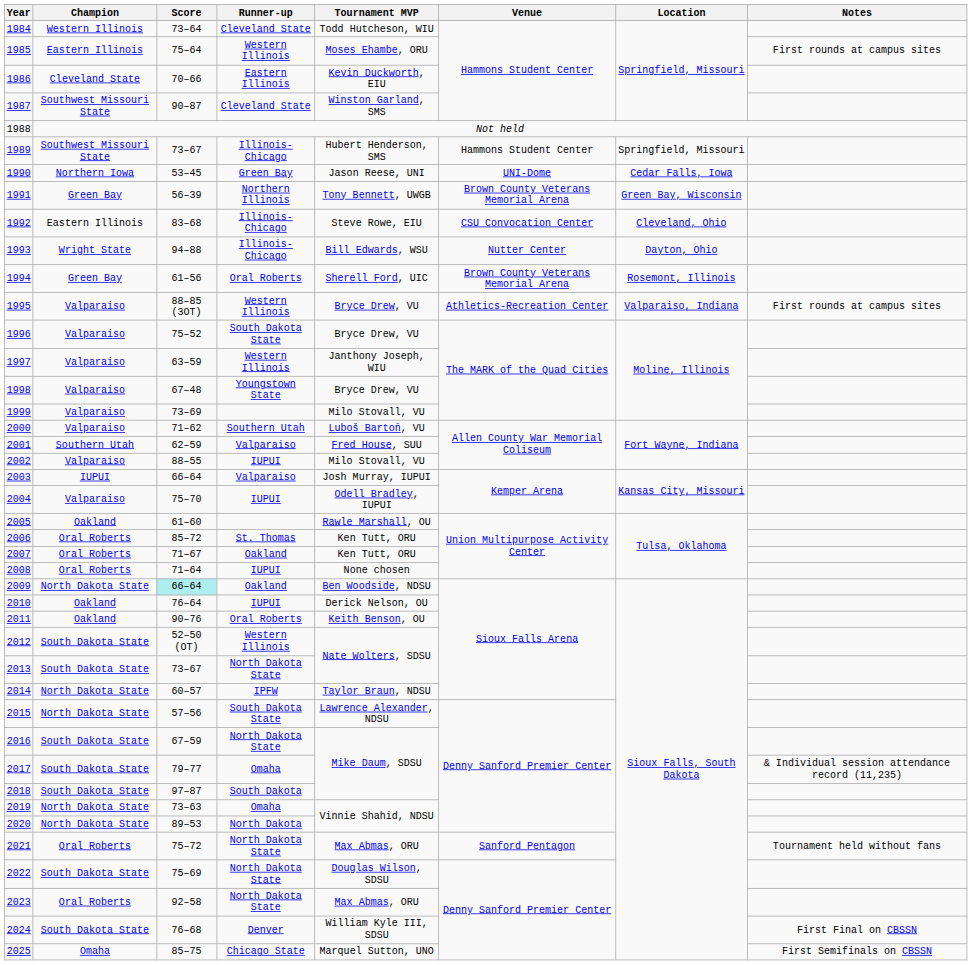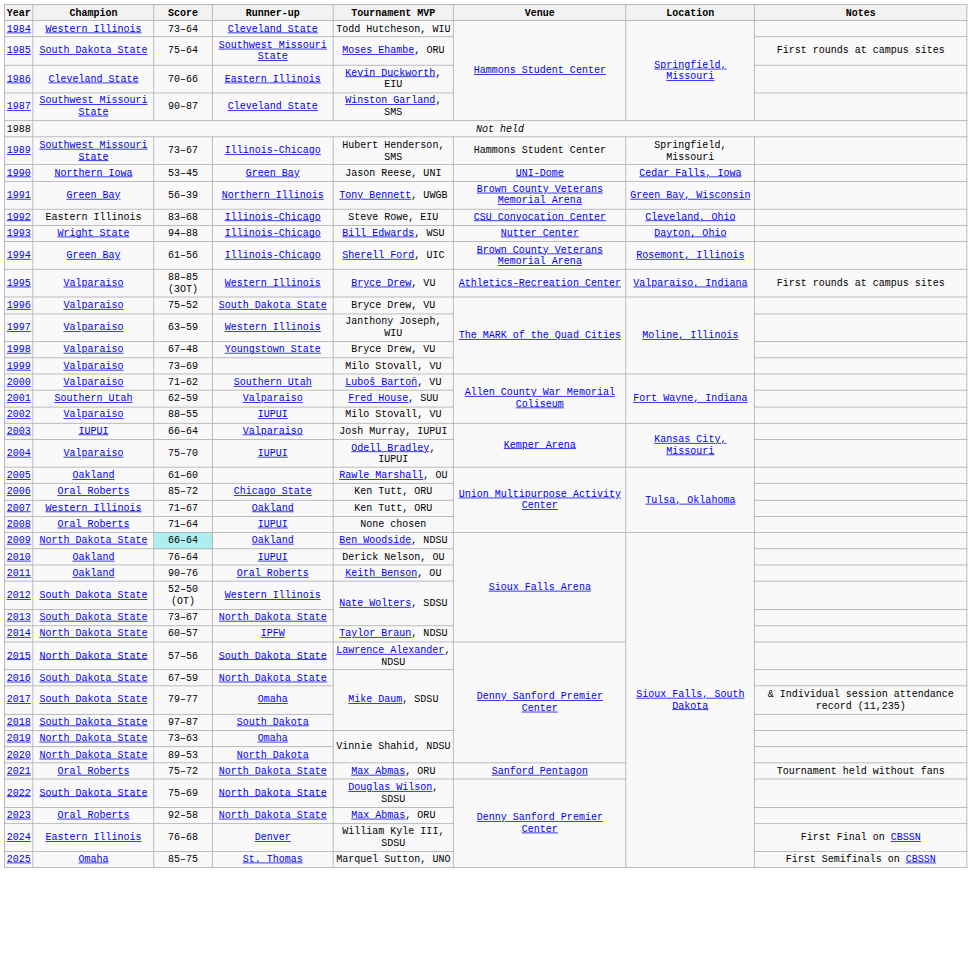 <table class="wikitable sortable" style="text-align:center">
 <tr>
 <th width=px>Year</th>
 <th width=px>Champion</th>
 <th width=px>Score</th>
 <th width=px>Runner-up</th>
 <th width=px>Tournament MVP</th>
 <th width=px>Venue</th>
 <th width=px>Location</th>
 <th width=px>Notes</th>
 </tr>
 <tr>
 <td><a href='#'>1984</a></td>
 <td><a href='#'>Western Illinois</a></td>
 <td>73–64</td>
 <td><a href='#'>Cleveland State</a></td>
 <td>Todd Hutcheson, WIU</td>
 <td rowspan=4><a href='#'>Hammons Student Center</a></td>
 <td rowspan=4><a href='#'>Springfield, Missouri</a></td>
 <td></td>
 </tr>
 <tr>
 <td><a href='#'>1985</a></td>
-<td><a href='#'>Eastern Illinois</a></td>
+<td><a href='#'>South Dakota State</a></td>
 <td>75–64</td>
-<td><a href='#'>Western Illinois</a></td>
+<td><a href='#'>Southwest Missouri State</a></td>
 <td><a href='#'>Moses Ehambe</a>, ORU</td>
 <td>First rounds at campus sites</td>
 </tr>
 <tr>
 <td><a href='#'>1986</a></td>
 <td><a href='#'>Cleveland State</a></td>
 <td>70–66</td>
 <td><a href='#'>Eastern Illinois</a></td>
 <td><a href='#'>Kevin Duckworth</a>, EIU</td>
 <td></td>
 </tr>
 <tr>
 <td><a href='#'>1987</a></td>
 <td><a href='#'>Southwest Missouri State</a></td>
 <td>90–87</td>
 <td><a href='#'>Cleveland State</a></td>
 <td><a href='#'>Winston Garland</a>, SMS</td>
 <td></td>
 </tr>
 <tr>
 <td>1988</td>
 <td colspan=8 align=center><em>Not held</em></td>
 </tr>
 <tr>
 <td><a href='#'>1989</a></td>
 <td><a href='#'>Southwest Missouri State</a></td>
 <td>73–67</td>
 <td><a href='#'>Illinois-Chicago</a></td>
 <td>Hubert Henderson, SMS</td>
 <td>Hammons Student Center</td>
 <td>Springfield, Missouri</td>
 <td></td>
 </tr>
 <tr>
 <td><a href='#'>1990</a></td>
 <td><a href='#'>Northern Iowa</a></td>
 <td>53–45</td>
 <td><a href='#'>Green Bay</a></td>
 <td>Jason Reese, UNI</td>
 <td><a href='#'>UNI-Dome</a></td>
 <td><a href='#'>Cedar Falls, Iowa</a></td>
 <td></td>
 </tr>
 <tr>
 <td><a href='#'>1991</a></td>
 <td><a href='#'>Green Bay</a></td>
 <td>56–39</td>
 <td><a href='#'>Northern Illinois</a></td>
 <td><a href='#'>Tony Bennett</a>, UWGB</td>
 <td><a href='#'>Brown County Veterans Memorial Arena</a></td>
 <td><a href='#'>Green Bay, Wisconsin</a></td>
 <td></td>
 </tr>
 <tr>
 <td><a href='#'>1992</a></td>
 <td>Eastern Illinois</td>
 <td>83–68</td>
 <td><a href='#'>Illinois-Chicago</a></td>
 <td>Steve Rowe, EIU</td>
 <td><a href='#'>CSU Convocation Center</a></td>
 <td><a href='#'>Cleveland, Ohio</a></td>
 <td></td>
 </tr>
 <tr>
 <td><a href='#'>1993</a></td>
 <td><a href='#'>Wright State</a></td>
 <td>94–88</td>
 <td><a href='#'>Illinois-Chicago</a></td>
 <td><a href='#'>Bill Edwards</a>, WSU</td>
 <td><a href='#'>Nutter Center</a></td>
 <td><a href='#'>Dayton, Ohio</a></td>
 <td></td>
 </tr>
 <tr>
 <td><a href='#'>1994</a></td>
 <td><a href='#'>Green Bay</a></td>
 <td>61–56</td>
-<td><a href='#'>Oral Roberts</a></td>
+<td><a href='#'>Illinois-Chicago</a></td>
 <td><a href='#'>Sherell Ford</a>, UIC</td>
 <td><a href='#'>Brown County Veterans Memorial Arena</a></td>
 <td><a href='#'>Rosemont, Illinois</a></td>
 <td></td>
 </tr>
 <tr>
 <td><a href='#'>1995</a></td>
 <td><a href='#'>Valparaiso</a></td>
 <td>88–85 (3OT)</td>
 <td><a href='#'>Western Illinois</a></td>
 <td><a href='#'>Bryce Drew</a>, VU</td>
 <td><a href='#'>Athletics-Recreation Center</a></td>
 <td><a href='#'>Valparaiso, Indiana</a></td>
 <td>First rounds at campus sites</td>
 </tr>
 <tr>
 <td><a href='#'>1996</a></td>
 <td><a href='#'>Valparaiso</a></td>
 <td>75–52</td>
 <td><a href='#'>South Dakota State</a></td>
 <td>Bryce Drew, VU</td>
 <td rowspan=4><a href='#'>The MARK of the Quad Cities</a></td>
 <td rowspan=4><a href='#'>Moline, Illinois</a></td>
 <td></td>
 </tr>
 <tr>
 <td><a href='#'>1997</a></td>
 <td><a href='#'>Valparaiso</a></td>
 <td>63–59</td>
 <td><a href='#'>Western Illinois</a></td>
 <td>Janthony Joseph, WIU</td>
 <td></td>
 </tr>
 <tr>
 <td><a href='#'>1998</a></td>
 <td><a href='#'>Valparaiso</a></td>
 <td>67–48</td>
 <td><a href='#'>Youngstown State</a></td>
 <td>Bryce Drew, VU</td>
 <td></td>
 </tr>
 <tr>
 <td><a href='#'>1999</a></td>
 <td><a href='#'>Valparaiso</a></td>
 <td>73–69</td>
 <td></td>
 <td>Milo Stovall, VU</td>
 <td></td>
 </tr>
 <tr>
 <td><a href='#'>2000</a></td>
 <td><a href='#'>Valparaiso</a></td>
 <td>71–62</td>
 <td><a href='#'>Southern Utah</a></td>
 <td><a href='#'>Luboš Bartoň</a>, VU</td>
 <td rowspan=3><a href='#'>Allen County War Memorial Coliseum</a></td>
 <td rowspan=3><a href='#'>Fort Wayne, Indiana</a></td>
 <td></td>
 </tr>
 <tr>
 <td><a href='#'>2001</a></td>
 <td><a href='#'>Southern Utah</a></td>
 <td>62–59</td>
 <td><a href='#'>Valparaiso</a></td>
 <td><a href='#'>Fred House</a>, SUU</td>
 <td></td>
 </tr>
 <tr>
 <td><a href='#'>2002</a></td>
 <td><a href='#'>Valparaiso</a></td>
 <td>88–55</td>
 <td><a href='#'>IUPUI</a></td>
 <td>Milo Stovall, VU</td>
 <td></td>
 </tr>
 <tr>
 <td><a href='#'>2003</a></td>
 <td><a href='#'>IUPUI</a></td>
 <td>66–64</td>
 <td><a href='#'>Valparaiso</a></td>
 <td>Josh Murray, IUPUI</td>
 <td rowspan=2><a href='#'>Kemper Arena</a></td>
 <td rowspan=2><a href='#'>Kansas City, Missouri</a></td>
 <td></td>
 </tr>
 <tr>
 <td><a href='#'>2004</a></td>
 <td><a href='#'>Valparaiso</a></td>
 <td>75–70</td>
 <td><a href='#'>IUPUI</a></td>
 <td><a href='#'>Odell Bradley</a>, IUPUI</td>
 <td></td>
 </tr>
 <tr>
 <td><a href='#'>2005</a></td>
 <td><a href='#'>Oakland</a></td>
 <td>61–60</td>
 <td></td>
 <td><a href='#'>Rawle Marshall</a>, OU</td>
 <td rowspan=4><a href='#'>Union Multipurpose Activity Center</a></td>
 <td rowspan=4><a href='#'>Tulsa, Oklahoma</a></td>
 <td></td>
 </tr>
 <tr>
 <td><a href='#'>2006</a></td>
 <td><a href='#'>Oral Roberts</a></td>
 <td>85–72</td>
-<td><a href='#'>St. Thomas</a></td>
+<td><a href='#'>Chicago State</a></td>
 <td>Ken Tutt, ORU</td>
 <td></td>
 </tr>
 <tr>
 <td><a href='#'>2007</a></td>
-<td><a href='#'>Oral Roberts</a></td>
+<td><a href='#'>Western Illinois</a></td>
 <td>71–67</td>
 <td><a href='#'>Oakland</a></td>
 <td>Ken Tutt, ORU</td>
 <td></td>
 </tr>
 <tr>
 <td><a href='#'>2008</a></td>
 <td><a href='#'>Oral Roberts</a></td>
 <td>71–64</td>
 <td><a href='#'>IUPUI</a></td>
 <td>None chosen</td>
 <td></td>
 </tr>
 <tr>
 <td><a href='#'>2009</a></td>
 <td><a href='#'>North Dakota State</a></td>
 <td style="background: paleturquoise;">66–64</td>
 <td><a href='#'>Oakland</a></td>
 <td><a href='#'>Ben Woodside</a>, NDSU</td>
 <td rowspan=6><a href='#'>Sioux Falls Arena</a></td>
 <td rowspan=17><a href='#'>Sioux Falls, South Dakota</a></td>
 <td></td>
 </tr>
 <tr>
 <td><a href='#'>2010</a></td>
 <td><a href='#'>Oakland</a></td>
 <td>76–64</td>
 <td><a href='#'>IUPUI</a></td>
 <td>Derick Nelson, OU</td>
 <td></td>
 </tr>
 <tr>
 <td><a href='#'>2011</a></td>
 <td><a href='#'>Oakland</a></td>
 <td>90–76</td>
 <td><a href='#'>Oral Roberts</a></td>
 <td><a href='#'>Keith Benson</a>, OU</td>
 <td></td>
 </tr>
 <tr>
 <td><a href='#'>2012</a></td>
 <td><a href='#'>South Dakota State</a></td>
 <td>52–50 (OT)</td>
 <td><a href='#'>Western Illinois</a></td>
 <td rowspan=2><a href='#'>Nate Wolters</a>, SDSU</td>
 <td></td>
 </tr>
 <tr>
 <td><a href='#'>2013</a></td>
 <td><a href='#'>South Dakota State</a></td>
 <td>73–67</td>
 <td><a href='#'>North Dakota State</a></td>
 <td></td>
 </tr>
 <tr>
 <td><a href='#'>2014</a></td>
 <td><a href='#'>North Dakota State</a></td>
 <td>60–57</td>
 <td><a href='#'>IPFW</a></td>
 <td><a href='#'>Taylor Braun</a>, NDSU</td>
 <td></td>
 </tr>
 <tr>
 <td><a href='#'>2015</a></td>
 <td><a href='#'>North Dakota State</a></td>
 <td>57–56</td>
 <td><a href='#'>South Dakota State</a></td>
 <td><a href='#'>Lawrence Alexander</a>, NDSU</td>
 <td rowspan=6><a href='#'>Denny Sanford Premier Center</a></td>
 <td></td>
 </tr>
 <tr>
 <td><a href='#'>2016</a></td>
 <td><a href='#'>South Dakota State</a></td>
 <td>67–59</td>
 <td><a href='#'>North Dakota State</a></td>
 <td rowspan=3><a href='#'>Mike Daum</a>, SDSU</td>
 <td></td>
 </tr>
 <tr>
 <td><a href='#'>2017</a></td>
 <td><a href='#'>South Dakota State</a></td>
 <td>79–77</td>
 <td><a href='#'>Omaha</a></td>
 <td>& Individual session attendance record (11,235)</td>
 </tr>
 <tr>
 <td><a href='#'>2018</a></td>
 <td><a href='#'>South Dakota State</a></td>
 <td>97–87</td>
 <td><a href='#'>South Dakota</a></td>
 <td></td>
 </tr>
 <tr>
 <td><a href='#'>2019</a></td>
 <td><a href='#'>North Dakota State</a></td>
 <td>73–63</td>
 <td><a href='#'>Omaha</a></td>
 <td rowspan=2>Vinnie Shahid, NDSU</td>
 <td></td>
 </tr>
 <tr>
 <td><a href='#'>2020</a></td>
 <td><a href='#'>North Dakota State</a></td>
 <td>89–53</td>
 <td><a href='#'>North Dakota</a></td>
 <td></td>
 </tr>
 <tr>
 <td><a href='#'>2021</a></td>
 <td><a href='#'>Oral Roberts</a></td>
 <td>75–72</td>
 <td><a href='#'>North Dakota State</a></td>
 <td><a href='#'>Max Abmas</a>, ORU</td>
 <td><a href='#'>Sanford Pentagon</a></td>
 <td>Tournament held without fans</td>
 </tr>
 <tr>
 <td><a href='#'>2022</a></td>
 <td><a href='#'>South Dakota State</a></td>
 <td>75–69</td>
 <td><a href='#'>North Dakota State</a></td>
 <td><a href='#'>Douglas Wilson</a>, SDSU</td>
 <td rowspan=4><a href='#'>Denny Sanford Premier Center</a></td>
 <td></td>
 </tr>
 <tr>
 <td><a href='#'>2023</a></td>
 <td><a href='#'>Oral Roberts</a></td>
 <td>92–58</td>
 <td><a href='#'>North Dakota State</a></td>
 <td><a href='#'>Max Abmas</a>, ORU</td>
 <td></td>
 </tr>
 <tr>
 <td><a href='#'>2024</a></td>
-<td><a href='#'>South Dakota State</a></td>
+<td><a href='#'>Eastern Illinois</a></td>
 <td>76–68</td>
 <td><a href='#'>Denver</a></td>
 <td>William Kyle III, SDSU</td>
 <td>First Final on <a href='#'>CBSSN</a></td>
 </tr>
 <tr>
 <td><a href='#'>2025</a></td>
 <td><a href='#'>Omaha</a></td>
 <td>85–75</td>
-<td><a href='#'>Chicago State</a></td>
+<td><a href='#'>St. Thomas</a></td>
 <td>Marquel Sutton, UNO</td>
 <td>First Semifinals on <a href='#'>CBSSN</a></td>
 </tr>
 </table>
